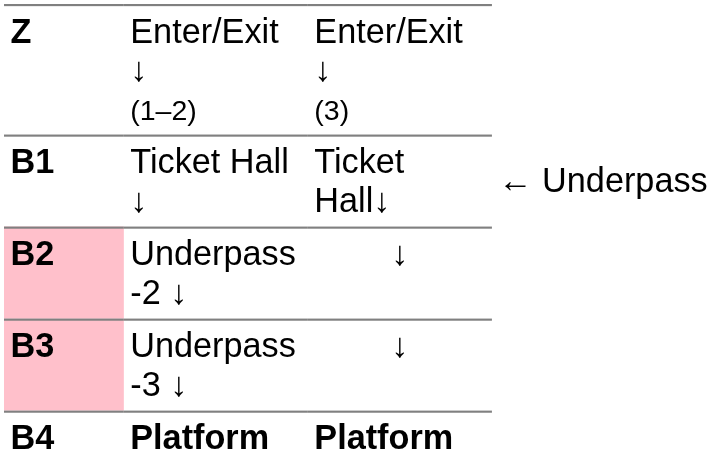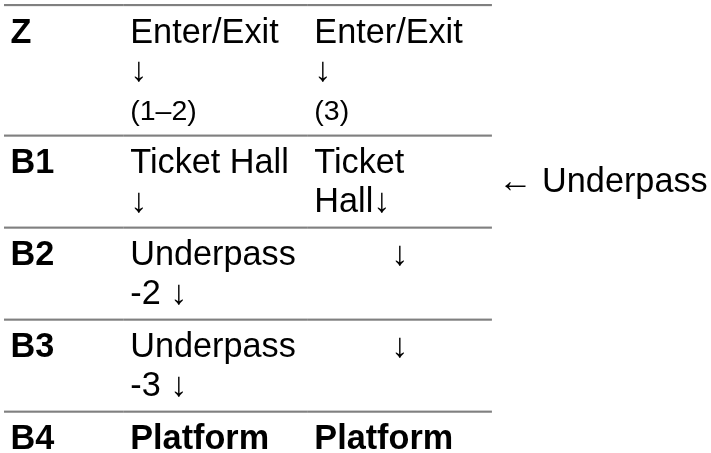 <table border="0" cellspacing="0" cellpadding="3">
 <tr>
 <td style="border-top:solid 1px gray;" width="50" valign="top"><strong>Z</strong></td>
 <td style="border-top:solid 1px gray;" width="80" valign="top">Enter/Exit ↓<br><small>(1–2)</small></td>
 <td style="border-top:solid 1px gray;" width="80" valign="top">Enter/Exit ↓<br><small>(3)</small></td>
 <td></td>
 </tr>
 <tr>
 <td style="border-top:solid 1px gray;" width="50" valign="top"><strong>B1</strong></td>
 <td style="border-top:solid 1px gray;" width="80" valign="top">Ticket Hall ↓</td>
 <td style="border-top:solid 1px gray;" width="80" valign="top">Ticket Hall↓<br></td>
 <td>← Underpass</td>
 </tr>
 <tr>
-<td style="background: pink; border-top:solid 1px gray;" width="50" valign="top"><strong>B2</strong></td>
+<td style="border-top:solid 1px gray;" width="50" valign="top"><strong>B2</strong></td>
 <td style="border-top:solid 1px gray;" width="80" valign="top">Underpass -2 ↓</td>
 <td style="border-top:solid 1px gray;text-align:center;" width="80" valign="top">↓</td>
 <td></td>
 </tr>
 <tr>
-<td style="background: pink; border-top:solid 1px gray;" width="50" valign="top"><strong>B3</strong></td>
+<td style="border-top:solid 1px gray;" width="50" valign="top"><strong>B3</strong></td>
 <td style="border-top:solid 1px gray;" width="80" valign="top">Underpass -3 ↓</td>
 <td style="border-top:solid 1px gray;text-align:center;" width="80" valign="top">↓</td>
 <td></td>
 </tr>
 <tr>
 <td style="border-top:solid 1px gray;" width="50" valign="top"><strong>B4</strong></td>
 <td style="border-top:solid 1px gray;" width="80" valign="top"><strong>Platform</strong></td>
 <td style="border-top:solid 1px gray;" width="80" valign="top"><strong>Platform</strong></td>
 <td></td>
 </tr>
 </table>
